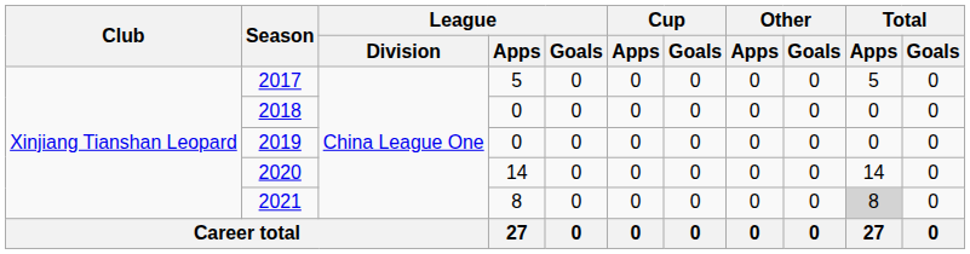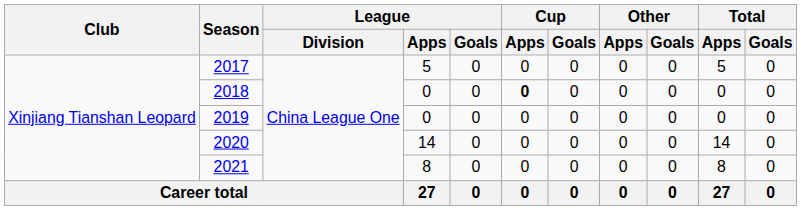 <table class="wikitable" style="text-align: center">
 <tr>
 <th rowspan="2">Club</th>
 <th rowspan="2">Season</th>
 <th colspan="3">League</th>
 <th colspan="2">Cup</th>
 <th colspan="2">Other</th>
 <th colspan="2">Total</th>
 </tr>
 <tr>
 <th>Division</th>
 <th>Apps</th>
 <th>Goals</th>
 <th>Apps</th>
 <th>Goals</th>
 <th>Apps</th>
 <th>Goals</th>
 <th>Apps</th>
 <th>Goals</th>
 </tr>
 <tr>
 <td rowspan="5"><a href='#'>Xinjiang Tianshan Leopard</a></td>
 <td><a href='#'>2017</a></td>
 <td rowspan="5"><a href='#'>China League One</a></td>
 <td>5</td>
 <td>0</td>
 <td>0</td>
 <td>0</td>
 <td>0</td>
 <td>0</td>
 <td>5</td>
 <td>0</td>
 </tr>
 <tr>
 <td><a href='#'>2018</a></td>
 <td>0</td>
 <td>0</td>
-<td>0</td>
+<td><strong>0</strong></td>
 <td>0</td>
 <td>0</td>
 <td>0</td>
 <td>0</td>
 <td>0</td>
 </tr>
 <tr>
 <td><a href='#'>2019</a></td>
 <td>0</td>
 <td>0</td>
 <td>0</td>
 <td>0</td>
 <td>0</td>
 <td>0</td>
 <td>0</td>
 <td>0</td>
 </tr>
 <tr>
 <td><a href='#'>2020</a></td>
 <td>14</td>
 <td>0</td>
 <td>0</td>
 <td>0</td>
 <td>0</td>
 <td>0</td>
 <td>14</td>
 <td>0</td>
 </tr>
 <tr>
 <td><a href='#'>2021</a></td>
 <td>8</td>
 <td>0</td>
 <td>0</td>
 <td>0</td>
 <td>0</td>
 <td>0</td>
-<td style="background: lightgrey;">8</td>
+<td>8</td>
 <td>0</td>
 </tr>
 <tr>
 <th colspan=3>Career total</th>
 <th>27</th>
 <th>0</th>
 <th>0</th>
 <th>0</th>
 <th>0</th>
 <th>0</th>
 <th>27</th>
 <th>0</th>
 </tr>
 </table>
